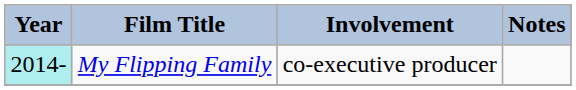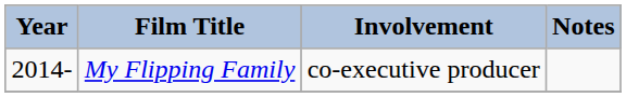 <table class="wikitable" style="font-size:90%">
 <tr style="text-align:center;">
 <th style="background:#B0C4DE;">Year</th>
 <th style="background:#B0C4DE;">Film Title</th>
 <th style="background:#B0C4DE;">Involvement</th>
 <th style="background:#B0C4DE;">Notes</th>
 </tr>
 <tr>
-<td style="background: paleturquoise;">2014-</td>
+<td>2014-</td>
 <td><em><a href='#'>My Flipping Family</a></em></td>
 <td>co-executive producer</td>
 <td></td>
 </tr>
 <tr>
 </tr>
 </table>
